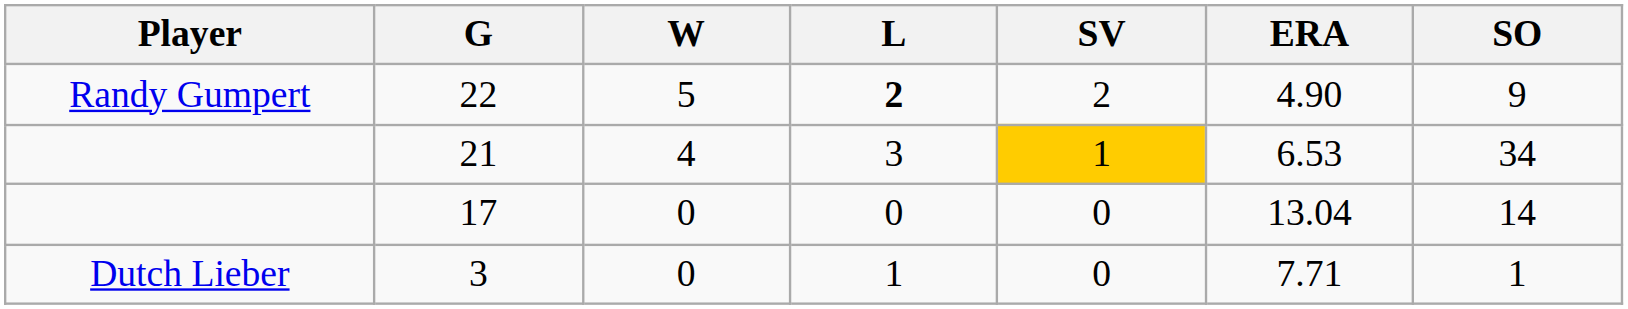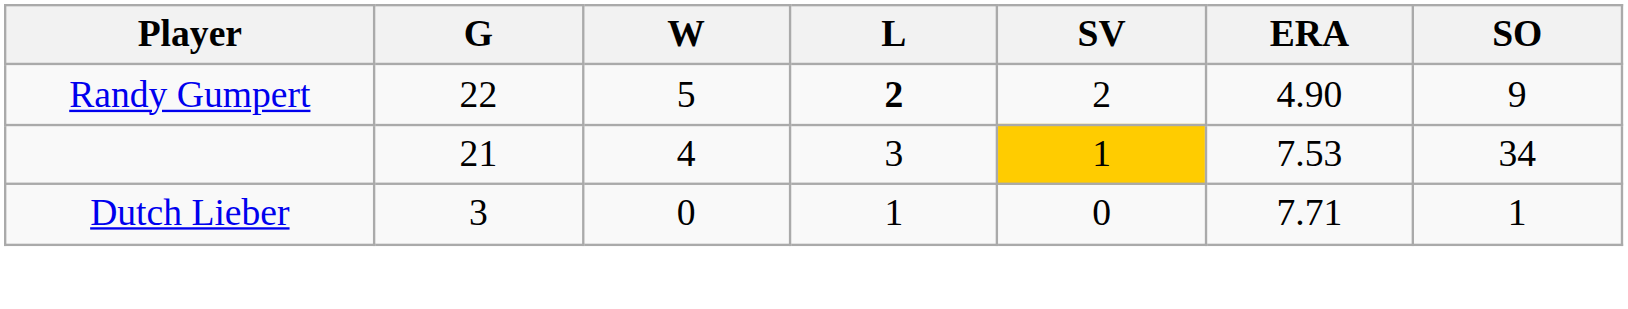 <table class="wikitable sortable">
 <tr>
 <th bgcolor="#DDDDFF" width="16%">Player</th>
 <th bgcolor="#DDDDFF" width="9%">G</th>
 <th bgcolor="#DDDDFF" width="9%">W</th>
 <th bgcolor="#DDDDFF" width="9%">L</th>
 <th bgcolor="#DDDDFF" width="9%">SV</th>
 <th bgcolor="#DDDDFF" width="9%">ERA</th>
 <th bgcolor="#DDDDFF" width="9%">SO</th>
 </tr>
 <tr align="center">
 <td><a href='#'>Randy Gumpert</a></td>
 <td>22</td>
 <td>5</td>
 <td><strong>2</strong></td>
 <td>2</td>
 <td>4.90</td>
 <td>9</td>
 </tr>
 <tr align=center>
 <td></td>
 <td>21</td>
 <td>4</td>
 <td>3</td>
 <td style="background:#fc0;">1</td>
-<td>6.53</td>
+<td>7.53</td>
 <td>34</td>
-</tr>
-<tr align="center">
-<td></td>
-<td>17</td>
-<td>0</td>
-<td>0</td>
-<td>0</td>
-<td>13.04</td>
-<td>14</td>
 </tr>
 <tr align="center">
 <td><a href='#'>Dutch Lieber</a></td>
 <td>3</td>
 <td>0</td>
 <td>1</td>
 <td>0</td>
 <td>7.71</td>
 <td>1</td>
 </tr>
 </table>
